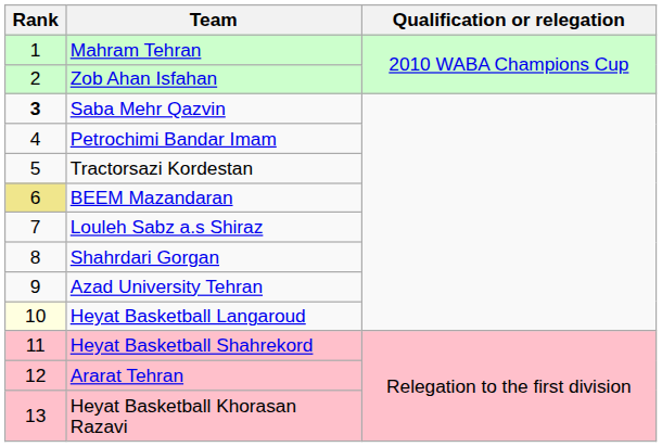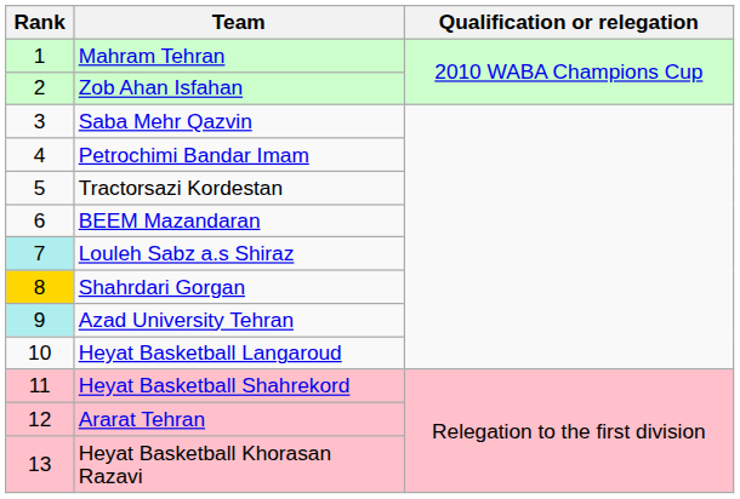 <table class="wikitable" style="text-align:center; font-size:90%">
 <tr>
 <th width=40>Rank</th>
 <th width=220>Team</th>
 <th width=220>Qualification or relegation</th>
 </tr>
 <tr bgcolor=ccffcc>
 <td>1</td>
 <td align="left"><a href='#'>Mahram Tehran</a></td>
 <td rowspan=2><a href='#'>2010 WABA Champions Cup</a></td>
 </tr>
 <tr bgcolor=ccffcc>
 <td>2</td>
 <td align="left"><a href='#'>Zob Ahan Isfahan</a></td>
 </tr>
 <tr>
-<td><strong>3</strong></td>
+<td>3</td>
 <td align="left"><a href='#'>Saba Mehr Qazvin</a></td>
 <td rowspan=8></td>
 </tr>
 <tr>
 <td>4</td>
 <td align="left"><a href='#'>Petrochimi Bandar Imam</a></td>
 </tr>
 <tr>
 <td>5</td>
 <td align="left">Tractorsazi Kordestan</td>
 </tr>
 <tr>
-<td style="background: khaki;">6</td>
+<td>6</td>
 <td align="left"><a href='#'>BEEM Mazandaran</a></td>
 </tr>
 <tr>
-<td>7</td>
+<td style="background: paleturquoise;">7</td>
 <td align="left"><a href='#'>Louleh Sabz a.s Shiraz</a></td>
 </tr>
 <tr>
-<td>8</td>
+<td style="background: gold;">8</td>
 <td align="left"><a href='#'>Shahrdari Gorgan</a></td>
 </tr>
 <tr>
-<td>9</td>
+<td style="background: paleturquoise;">9</td>
 <td align="left"><a href='#'>Azad University Tehran</a></td>
 </tr>
 <tr>
-<td style="background: lightyellow;">10</td>
+<td>10</td>
 <td align="left"><a href='#'>Heyat Basketball Langaroud</a></td>
 </tr>
 <tr bgcolor=pink>
 <td>11</td>
 <td align="left"><a href='#'>Heyat Basketball Shahrekord</a></td>
 <td rowspan=3>Relegation to the first division</td>
 </tr>
 <tr bgcolor=pink>
 <td>12</td>
 <td align="left"><a href='#'>Ararat Tehran</a></td>
 </tr>
 <tr bgcolor=pink>
 <td>13</td>
 <td align="left">Heyat Basketball Khorasan Razavi</td>
 </tr>
 </table>
